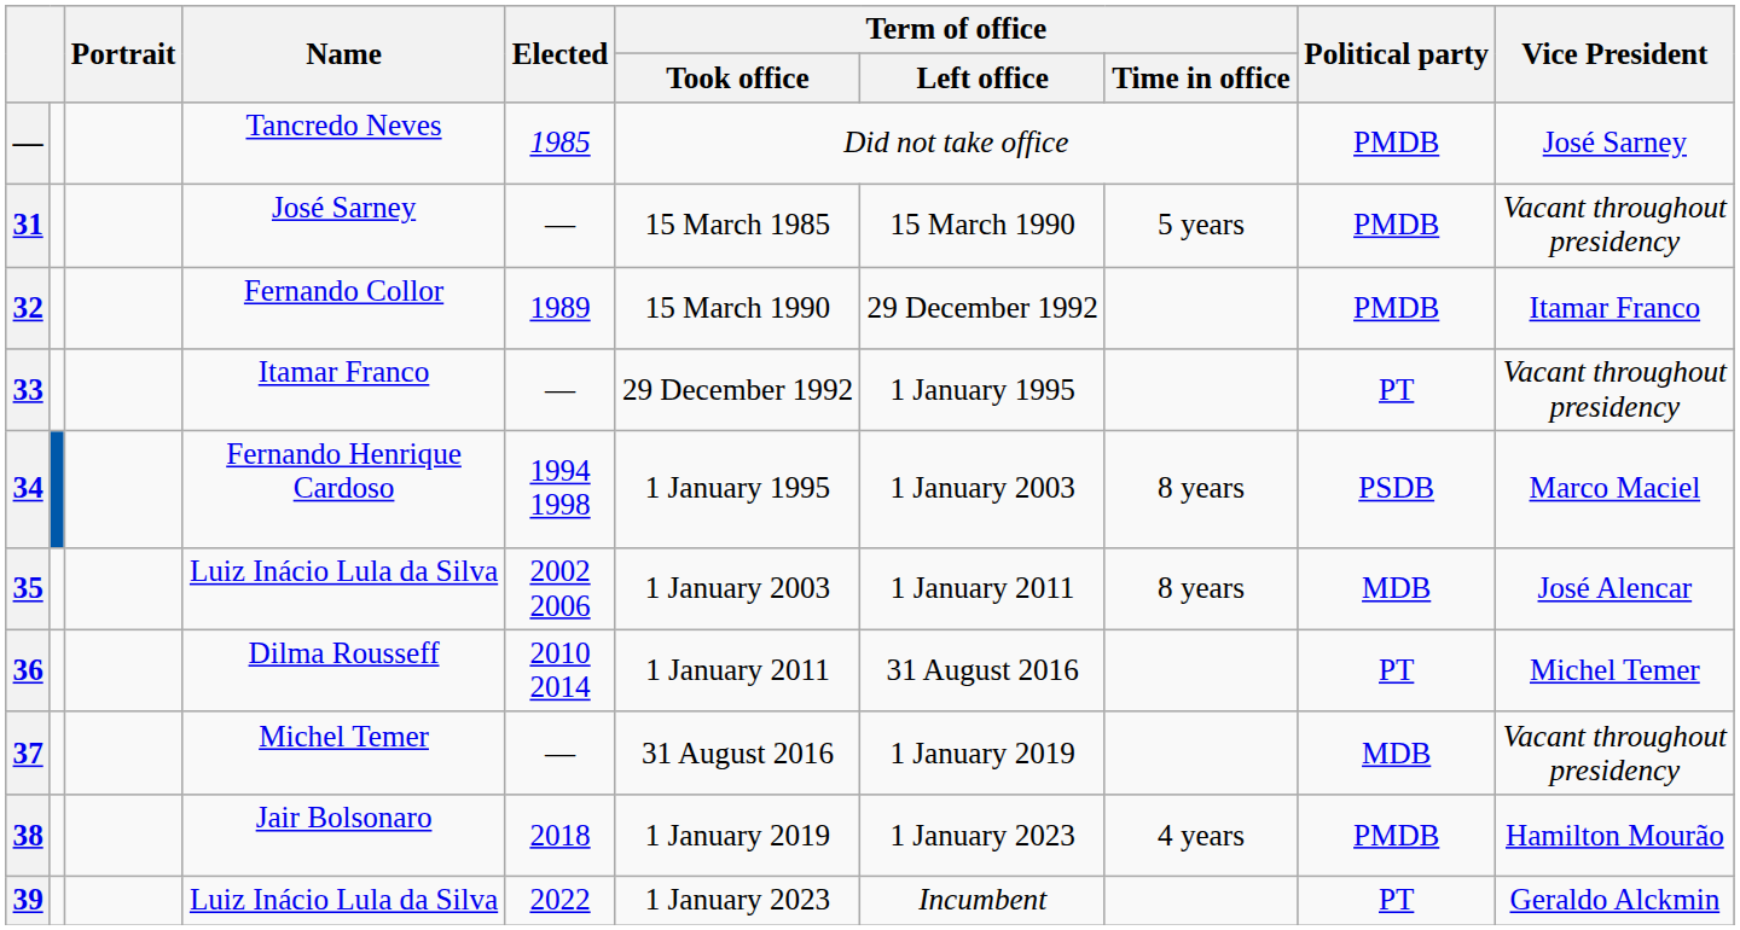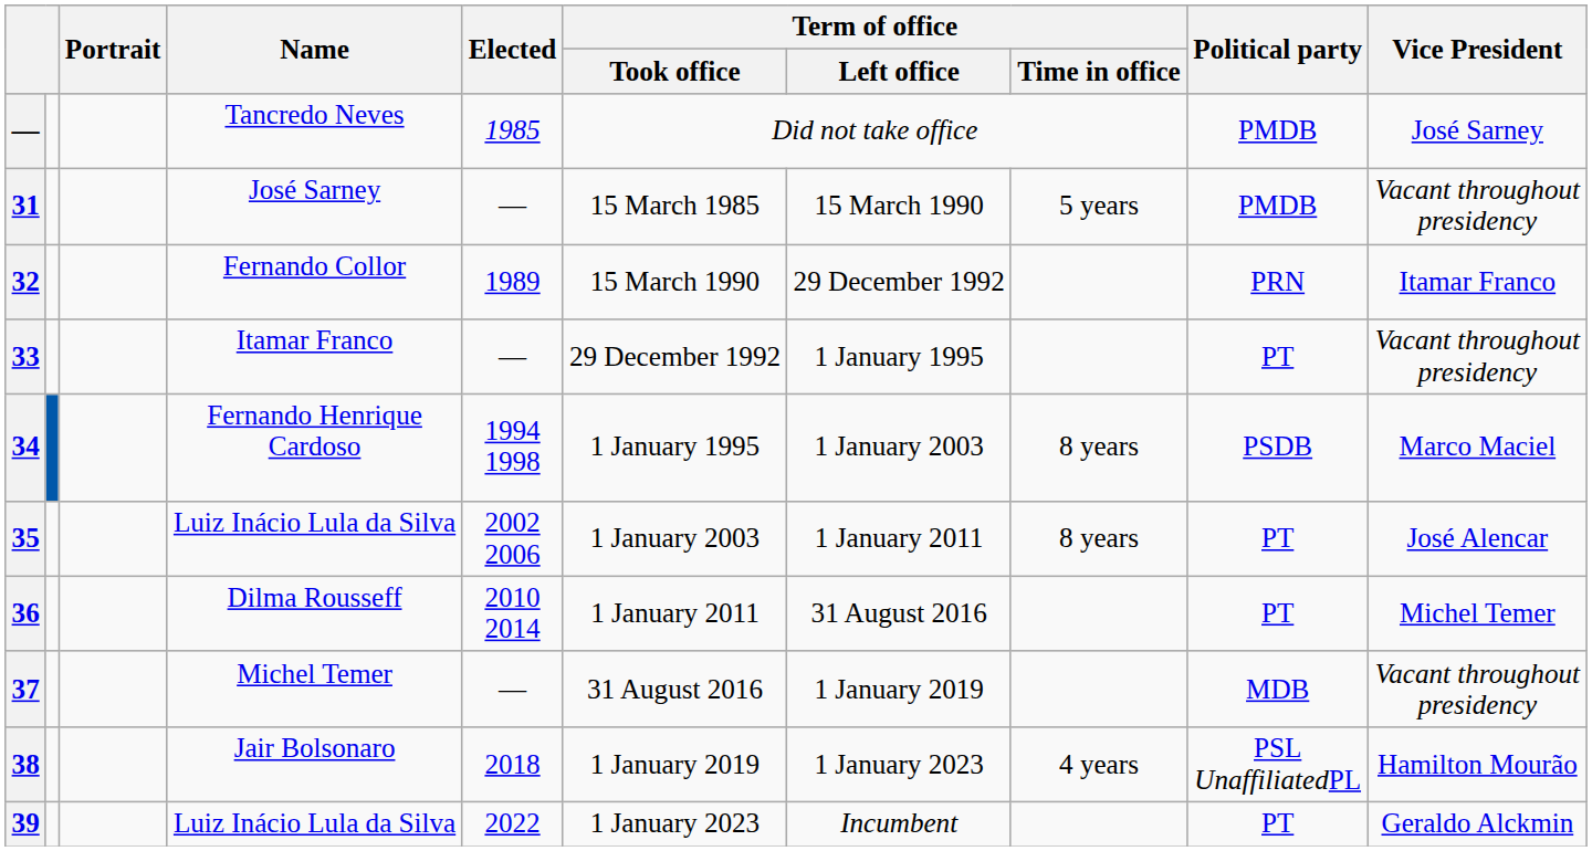 <table class="wikitable sticky-header" style=text-align:center;>
 <tr>
 <th colspan="2" rowspan="2"></th>
 <th rowspan="2">Portrait</th>
 <th rowspan="2">Name<br></th>
 <th rowspan="2">Elected</th>
 <th colspan="3">Term of office</th>
 <th rowspan="2">Political party</th>
 <th rowspan="2">Vice President</th>
 </tr>
 <tr>
 <th>Took office</th>
 <th>Left office</th>
 <th>Time in office</th>
 </tr>
 <tr>
 <th>—</th>
 <td style="background-color:"></td>
 <td></td>
 <td><a href='#'>Tancredo Neves</a><br><br></td>
 <td><a href='#'><em>1985</em></a></td>
 <td colspan="3"><em>Did not take office</em></td>
 <td><a href='#'>PMDB</a></td>
 <td><a href='#'>José Sarney</a></td>
 </tr>
 <tr>
 <th><a href='#'>31</a></th>
 <td style="background-color:"></td>
 <td></td>
 <td><a href='#'>José Sarney</a><br><br></td>
 <td>—</td>
 <td>15 March 1985</td>
 <td>15 March 1990</td>
 <td>5 years</td>
 <td><a href='#'>PMDB</a></td>
 <td><em>Vacant throughout<br>presidency</em></td>
 </tr>
 <tr>
 <th><a href='#'>32</a></th>
 <td style="background-color:"></td>
 <td></td>
 <td><a href='#'>Fernando Collor</a><br><br></td>
 <td><a href='#'>1989</a></td>
 <td>15 March 1990</td>
 <td>29 December 1992</td>
 <td></td>
-<td><a href='#'>PMDB</a></td>
+<td><a href='#'>PRN</a></td>
 <td><a href='#'>Itamar Franco</a></td>
 </tr>
 <tr>
 <th><a href='#'>33</a></th>
 <td style="background-color:"></td>
 <td></td>
 <td><a href='#'>Itamar Franco</a><br><br></td>
 <td>—</td>
 <td>29 December 1992</td>
 <td>1 January 1995</td>
 <td></td>
 <td><a href='#'>PT</a></td>
 <td><em>Vacant throughout<br>presidency</em></td>
 </tr>
 <tr>
 <th><a href='#'>34</a></th>
 <td style="background-color:#0058AA"></td>
 <td></td>
 <td><a href='#'>Fernando Henrique<br>Cardoso</a><br><br></td>
 <td><a href='#'>1994</a><br><a href='#'>1998</a></td>
 <td>1 January 1995</td>
 <td>1 January 2003</td>
 <td>8 years</td>
 <td><a href='#'>PSDB</a></td>
 <td><a href='#'>Marco Maciel</a></td>
 </tr>
 <tr>
 <th><a href='#'>35</a></th>
 <td style="background-color:"></td>
 <td></td>
 <td><a href='#'>Luiz Inácio Lula da Silva</a><br><br></td>
 <td><a href='#'>2002</a><br><a href='#'>2006</a></td>
 <td>1 January 2003</td>
 <td>1 January 2011</td>
 <td>8 years</td>
-<td><a href='#'>MDB</a></td>
+<td><a href='#'>PT</a></td>
 <td><a href='#'>José Alencar</a></td>
 </tr>
 <tr>
 <th><a href='#'>36</a></th>
 <td style="background-color:"></td>
 <td></td>
 <td><a href='#'>Dilma Rousseff</a><br><br></td>
 <td><a href='#'>2010</a><br><a href='#'>2014</a></td>
 <td>1 January 2011</td>
 <td>31 August 2016</td>
 <td></td>
 <td><a href='#'>PT</a></td>
 <td><a href='#'>Michel Temer</a></td>
 </tr>
 <tr>
 <th><a href='#'>37</a></th>
 <td style="background-color:"></td>
 <td></td>
 <td><a href='#'>Michel Temer</a><br><br></td>
 <td>—</td>
 <td>31 August 2016</td>
 <td>1 January 2019</td>
 <td></td>
 <td><a href='#'>MDB</a></td>
 <td><em>Vacant throughout<br>presidency</em></td>
 </tr>
 <tr>
 <th><a href='#'>38</a></th>
 <td style="background: linear-gradient(#1D6434 22%, "></td>
 <td></td>
 <td><a href='#'>Jair Bolsonaro</a><br><br></td>
 <td><a href='#'>2018</a></td>
 <td>1 January 2019</td>
 <td>1 January 2023</td>
 <td>4 years</td>
-<td><a href='#'>PMDB</a></td>
+<td><a href='#'>PSL</a><br><em>Unaffiliated</em><a href='#'>PL</a></td>
 <td><a href='#'>Hamilton Mourão</a></td>
 </tr>
 <tr>
 <th><a href='#'>39</a></th>
 <td style="background-color:"></td>
 <td></td>
 <td><a href='#'>Luiz Inácio Lula da Silva</a><br></td>
 <td><a href='#'>2022</a></td>
 <td>1 January 2023</td>
 <td><em>Incumbent</em></td>
 <td></td>
 <td><a href='#'>PT</a><br></td>
 <td><a href='#'>Geraldo Alckmin</a></td>
 </tr>
 </table>
